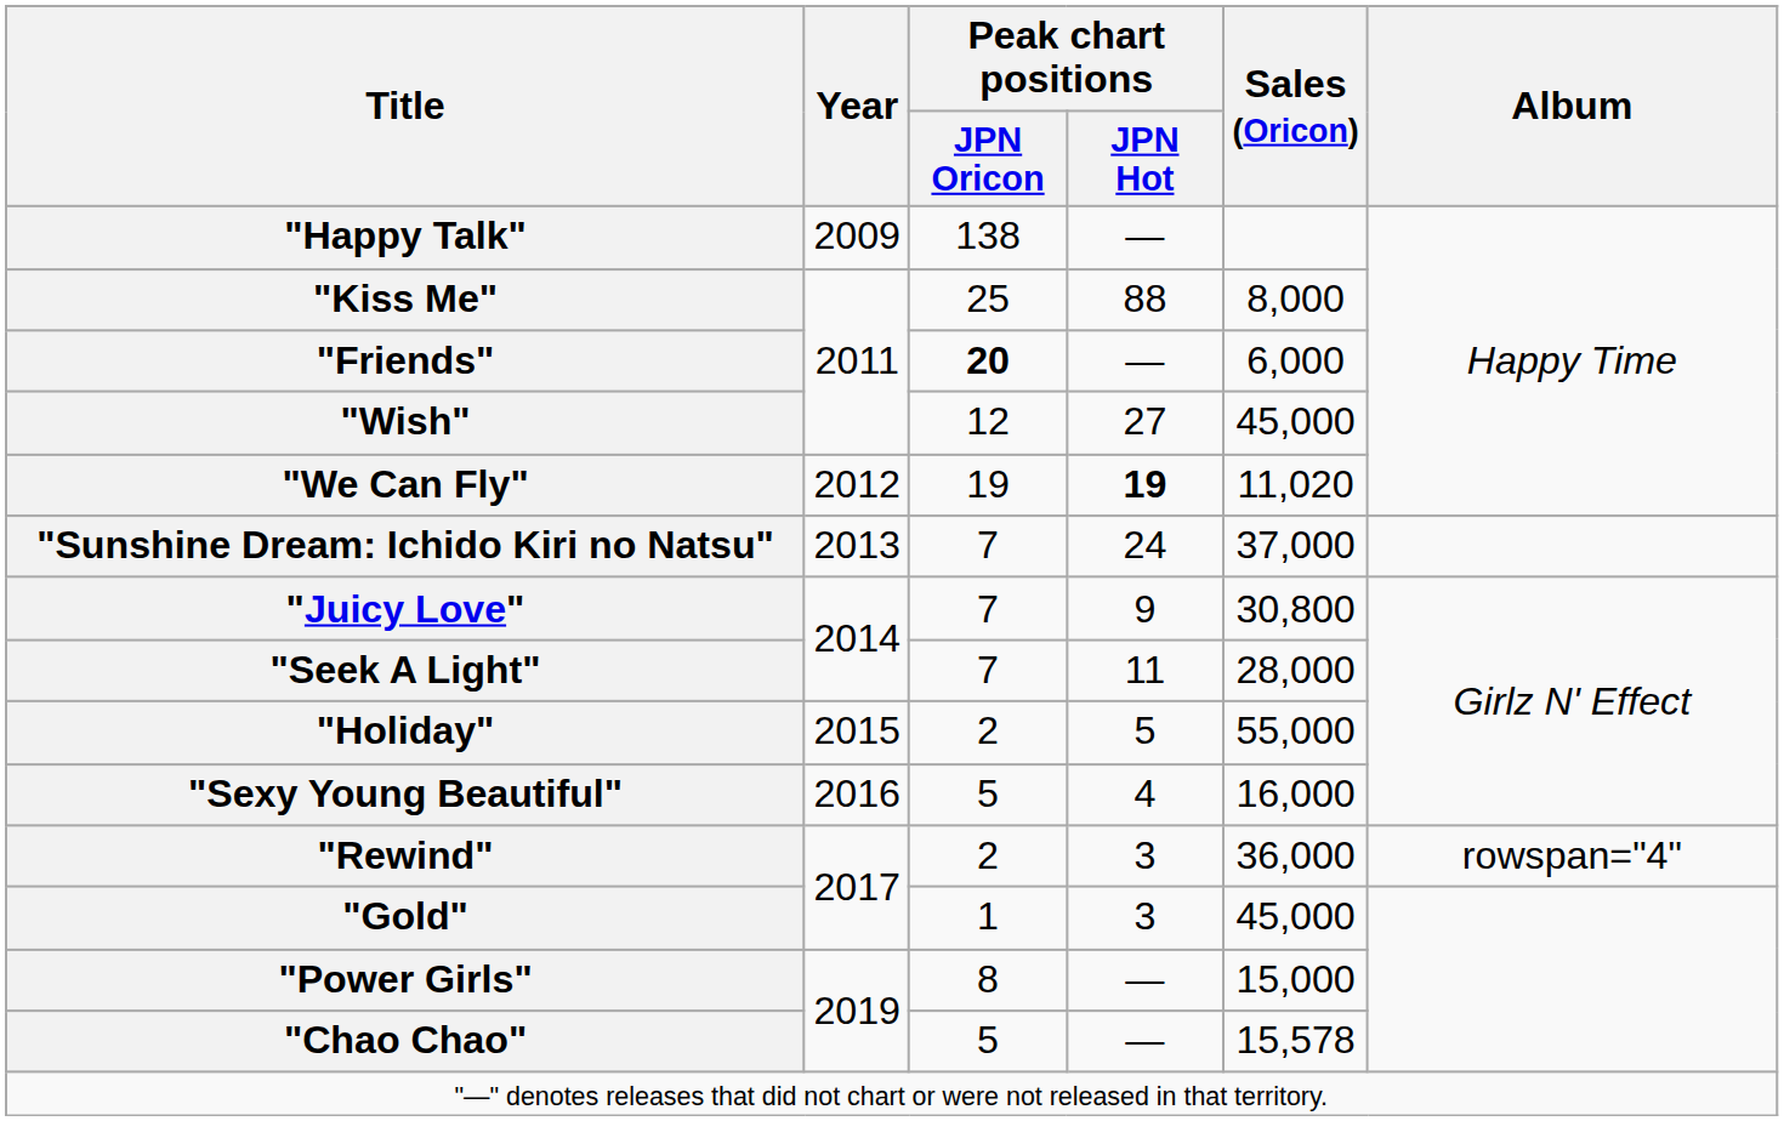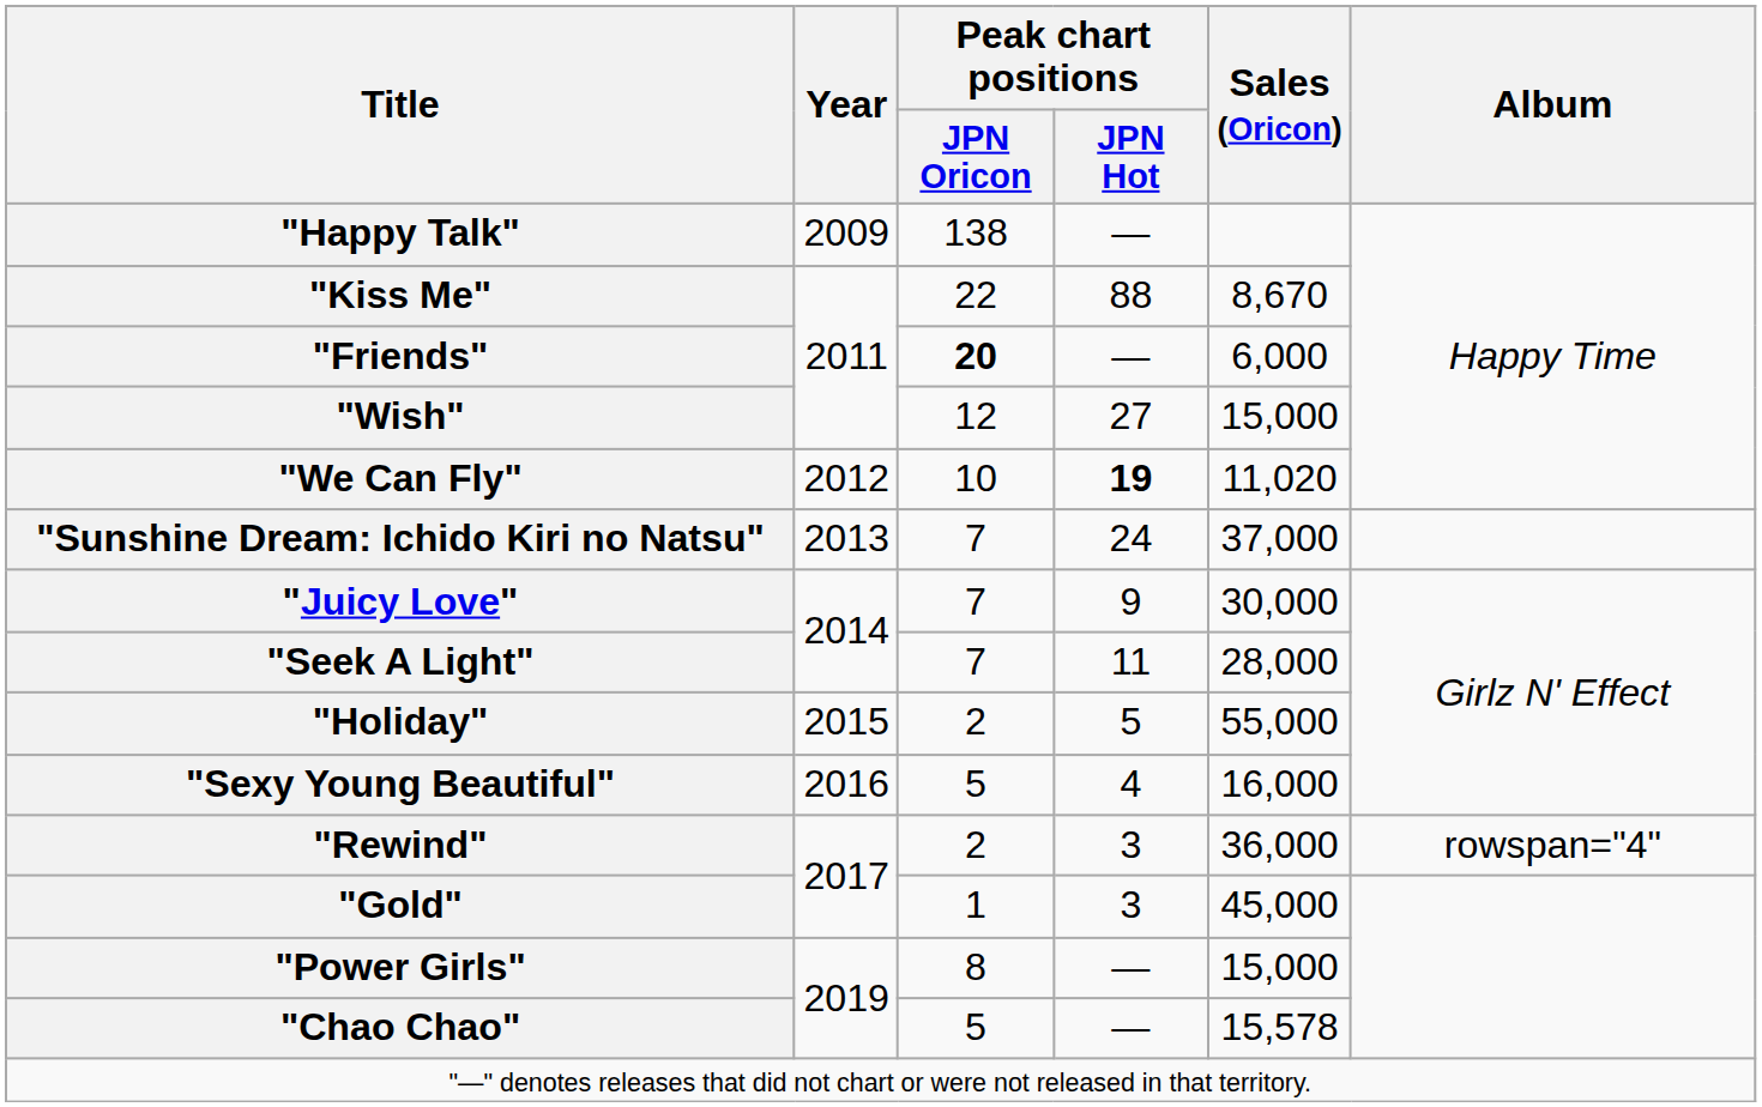 <table class="wikitable plainrowheaders" style="text-align:center;">
 <tr>
 <th scope="col" rowspan="2" style="width:20em;">Title</th>
 <th scope="col" rowspan="2">Year</th>
 <th scope="col" colspan="2">Peak chart positions</th>
 <th scope="col" rowspan="2">Sales<br><small>(<a href='#'>Oricon</a>)</small></th>
 <th scope="col" rowspan="2" style="width:10em;">Album</th>
 </tr>
 <tr>
 <th scope="col" style="width:4em;font-size:90%;"><a href='#'>JPN<br>Oricon</a><br></th>
 <th scope="col" style="width:4em;font-size:90%;"><a href='#'>JPN<br>Hot</a><br></th>
 </tr>
 <tr>
 <th scope="row">"Happy Talk"</th>
 <td>2009</td>
 <td>138</td>
 <td>—</td>
 <td></td>
 <td rowspan="5"><em>Happy Time</em></td>
 </tr>
 <tr>
 <th scope="row">"Kiss Me"</th>
 <td rowspan="3">2011</td>
-<td>25</td>
+<td>22</td>
 <td>88</td>
-<td>8,000</td>
+<td>8,670</td>
 </tr>
 <tr>
 <th scope="row">"Friends"</th>
 <td><strong>20</strong></td>
 <td>—</td>
 <td>6,000</td>
 </tr>
 <tr>
 <th scope="row">"Wish"</th>
 <td>12</td>
 <td>27</td>
-<td>45,000</td>
+<td>15,000</td>
 </tr>
 <tr>
 <th scope="row">"We Can Fly"</th>
 <td>2012</td>
-<td>19</td>
+<td>10</td>
 <td><strong>19</strong></td>
 <td>11,020</td>
 </tr>
 <tr>
 <th scope="row">"Sunshine Dream: Ichido Kiri no Natsu"</th>
 <td>2013</td>
 <td>7</td>
 <td>24</td>
 <td>37,000</td>
 <td></td>
 </tr>
 <tr>
 <th scope="row">"<a href='#'>Juicy Love</a>"</th>
 <td rowspan="2">2014</td>
 <td>7</td>
 <td>9</td>
-<td>30,800</td>
+<td>30,000</td>
 <td rowspan="4"><em>Girlz N' Effect</em></td>
 </tr>
 <tr>
 <th scope="row">"Seek A Light"</th>
 <td>7</td>
 <td>11</td>
 <td>28,000</td>
 </tr>
 <tr>
 <th scope="row">"Holiday"</th>
 <td>2015</td>
 <td>2</td>
 <td>5</td>
 <td>55,000</td>
 </tr>
 <tr>
 <th scope="row">"Sexy Young Beautiful"</th>
 <td>2016</td>
 <td>5</td>
 <td>4</td>
 <td>16,000</td>
 </tr>
 <tr>
 <th scope="row">"Rewind"</th>
 <td rowspan="2">2017</td>
 <td>2</td>
 <td>3</td>
 <td>36,000</td>
 <td>rowspan="4" </td>
 </tr>
 <tr>
 <th scope="row">"Gold"</th>
 <td>1</td>
 <td>3</td>
 <td>45,000</td>
 </tr>
 <tr>
 <th scope="row">"Power Girls"</th>
 <td rowspan="2">2019</td>
 <td>8</td>
 <td>—</td>
 <td>15,000</td>
 </tr>
 <tr>
 <th scope="row">"Chao Chao"</th>
 <td>5</td>
 <td>—</td>
 <td>15,578</td>
 </tr>
 <tr>
 <td colspan="7" style="font-size:8pt" align="center">"—" denotes releases that did not chart or were not released in that territory.</td>
 </tr>
 </table>
